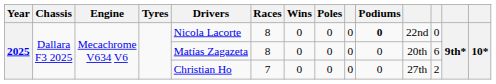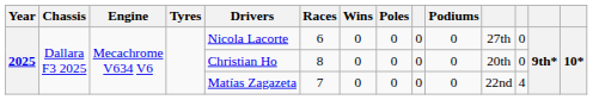 <table class="wikitable" style="text-align:center; font-size:85%">
 <tr>
 <th>Year</th>
 <th>Chassis</th>
 <th>Engine</th>
 <th>Tyres</th>
 <th>Drivers</th>
 <th>Races</th>
 <th>Wins</th>
 <th>Poles</th>
 <th></th>
 <th>Podiums</th>
 <th></th>
 <th></th>
 <th></th>
 <th></th>
 </tr>
 <tr>
 <th rowspan=3><a href='#'>2025</a></th>
 <td rowspan=3><a href='#'>Dallara</a><br><a href='#'>F3 2025</a></td>
 <td rowspan=3><a href='#'>Mecachrome</a><br><a href='#'>V634</a> <a href='#'>V6</a></td>
 <td rowspan=3></td>
 <td align=left> <a href='#'>Nicola Lacorte</a></td>
-<td>8</td>
+<td>6</td>
 <td>0</td>
 <td>0</td>
 <td>0</td>
-<td><strong>0</strong></td>
-<td style="background:#;">22nd</td>
+<td>0</td>
+<td style="background:#;">27th</td>
 <td style="background:#;">0</td>
 <th rowspan=3 style="background:#;">9th*</th>
 <th rowspan=3 style="background:#;">10*</th>
 </tr>
 <tr>
-<td align=left> <a href='#'>Matías Zagazeta</a></td>
+<td align=left> <a href='#'>Christian Ho</a></td>
 <td>8</td>
 <td>0</td>
 <td>0</td>
 <td>0</td>
 <td>0</td>
 <td style="background:#;">20th</td>
-<td style="background:#;">6</td>
+<td style="background:#;">0</td>
 </tr>
 <tr>
-<td align=left> <a href='#'>Christian Ho</a></td>
+<td align=left> <a href='#'>Matías Zagazeta</a></td>
 <td>7</td>
 <td>0</td>
 <td>0</td>
 <td>0</td>
 <td>0</td>
-<td style="background:#;">27th</td>
-<td style="background:#;">2</td>
+<td style="background:#;">22nd</td>
+<td style="background:#;">4</td>
 </tr>
 </table>
